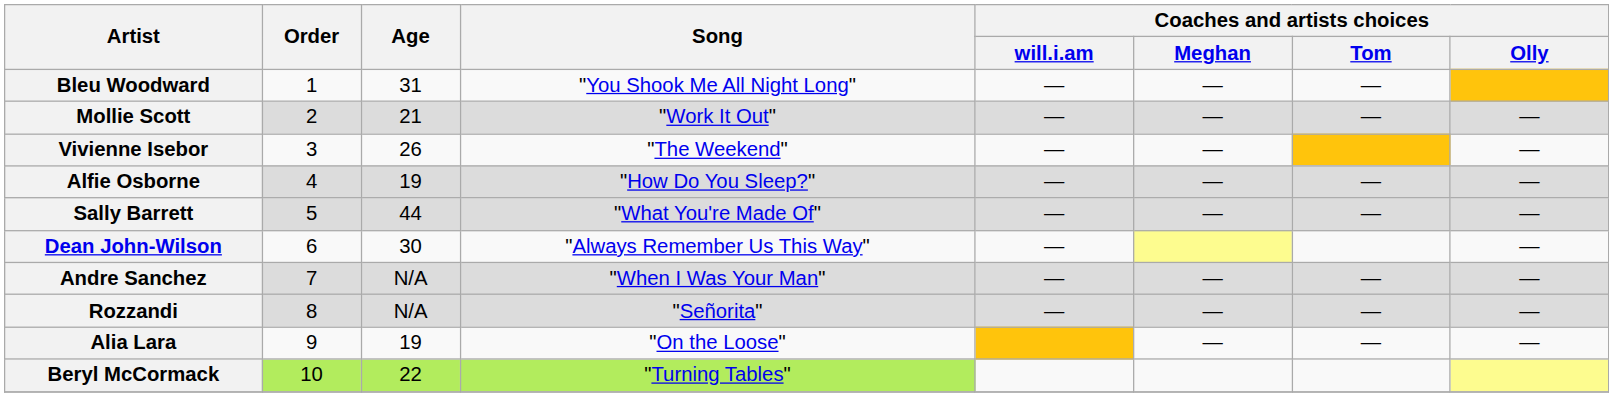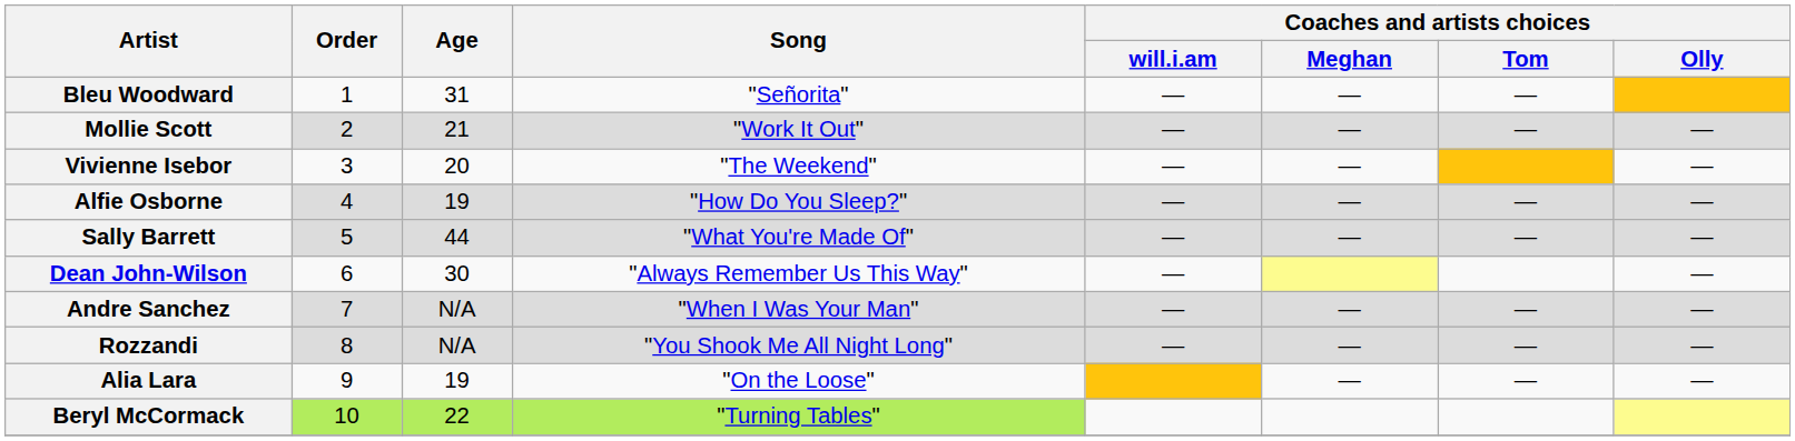 <table class="wikitable" style="text-align:center; width:100%;">
 <tr>
 <th rowspan="2" scope="col" style="width:13%;">Artist</th>
 <th rowspan="2" scope="col" style="width:05%;">Order</th>
 <th rowspan="2" scope="col" style="width:05%;">Age</th>
 <th rowspan="2" scope="col" style="width:26%;">Song</th>
 <th colspan="4" style="width:40%;">Coaches and artists choices</th>
 </tr>
 <tr>
 <th style="width:8%;"><a href='#'>will.i.am</a></th>
 <th style="width:8%;"><a href='#'>Meghan</a></th>
 <th style="width:8%;"><a href='#'>Tom</a></th>
 <th style="width:8%;"><a href='#'>Olly</a></th>
 </tr>
 <tr>
 <th scope="row">Bleu Woodward</th>
 <td>1</td>
 <td>31</td>
-<td>"<a href='#'>You Shook Me All Night Long</a>"</td>
+<td>"<a href='#'>Señorita</a>"</td>
 <td>—</td>
 <td>—</td>
 <td>—</td>
 <td style="background:#FFC40C;text-align:center;"><strong></strong></td>
 </tr>
 <tr style="background:#DCDCDC;">
 <th scope="row">Mollie Scott</th>
 <td>2</td>
 <td>21</td>
 <td>"<a href='#'>Work It Out</a>"</td>
 <td>—</td>
 <td>—</td>
 <td>—</td>
 <td>—</td>
 </tr>
 <tr>
 <th scope="row">Vivienne Isebor</th>
 <td>3</td>
-<td>26</td>
+<td>20</td>
 <td>"<a href='#'>The Weekend</a>"</td>
 <td>—</td>
 <td>—</td>
 <td style="background:#FFC40C;text-align:center;"><strong></strong></td>
 <td>—</td>
 </tr>
 <tr style="background:#DCDCDC;">
 <th scope="row">Alfie Osborne</th>
 <td>4</td>
 <td>19</td>
 <td>"<a href='#'>How Do You Sleep?</a>"</td>
 <td>—</td>
 <td>—</td>
 <td>—</td>
 <td>—</td>
 </tr>
 <tr style="background:#DCDCDC;">
 <th scope="row">Sally Barrett</th>
 <td>5</td>
 <td>44</td>
 <td>"<a href='#'>What You're Made Of</a>"</td>
 <td>—</td>
 <td>—</td>
 <td>—</td>
 <td>—</td>
 </tr>
 <tr>
 <th scope="row"><a href='#'>Dean John-Wilson</a></th>
 <td>6</td>
 <td>30</td>
 <td>"<a href='#'>Always Remember Us This Way</a>"</td>
 <td>—</td>
 <td style="background:#fdfc8f;"><strong></strong></td>
 <td><strong></strong></td>
 <td>—</td>
 </tr>
 <tr style="background:#DCDCDC;">
 <th scope="row">Andre Sanchez</th>
 <td>7</td>
 <td>N/A</td>
 <td>"<a href='#'>When I Was Your Man</a>"</td>
 <td>—</td>
 <td>—</td>
 <td>—</td>
 <td>—</td>
 </tr>
 <tr style="background:#DCDCDC;">
 <th scope="row">Rozzandi</th>
 <td>8</td>
 <td>N/A</td>
-<td>"<a href='#'>Señorita</a>"</td>
+<td>"<a href='#'>You Shook Me All Night Long</a>"</td>
 <td>—</td>
 <td>—</td>
 <td>—</td>
 <td>—</td>
 </tr>
 <tr>
 <th scope="row">Alia Lara</th>
 <td>9</td>
 <td>19</td>
 <td>"<a href='#'>On the Loose</a>"</td>
 <td style="background:#FFC40C;text-align:center;"><strong></strong></td>
 <td>—</td>
 <td>—</td>
 <td>—</td>
 </tr>
 <tr>
 <th scope="row">Beryl McCormack</th>
 <td style="background-color:#B2EC5D;">10</td>
 <td style="background-color:#B2EC5D;">22</td>
 <td style="background-color:#B2EC5D;">"<a href='#'>Turning Tables</a>"</td>
 <td><strong></strong></td>
 <td><strong></strong></td>
 <td><strong></strong></td>
 <td style="background:#fdfc8f;"><strong></strong></td>
 </tr>
 <tr>
 </tr>
 </table>
